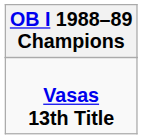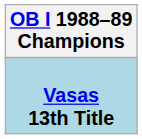 <table class="wikitable" style="text-align: center; margin: 0 auto;">
 <tr>
 <th><a href='#'>OB I</a> 1988–89<br>Champions</th>
 </tr>
 <tr>
 </tr>
 <tr>
-<td> <br><strong><a href='#'>Vasas</a></strong><br><strong>13th Title</strong></td>
+<td style="background: lightblue;"> <br><strong><a href='#'>Vasas</a></strong><br><strong>13th Title</strong></td>
 </tr>
 </table>
